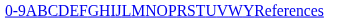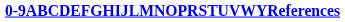 <table id="toc" class="toc" summary="Class">
 <tr>
 <th></th>
 </tr>
 <tr>
-<td style="text-align:center;"><a href='#'>0-9</a><a href='#'>A</a><a href='#'>B</a><a href='#'>C</a><a href='#'>D</a><a href='#'>E</a><a href='#'>F</a><a href='#'>G</a><a href='#'>H</a><a href='#'>I</a><a href='#'>J</a><a href='#'>L</a><a href='#'>M</a><a href='#'>N</a><a href='#'>O</a><a href='#'>P</a><a href='#'>R</a><a href='#'>S</a><a href='#'>T</a><a href='#'>U</a><a href='#'>V</a><a href='#'>W</a><a href='#'>Y</a><a href='#'>References</a></td>
+<td style="text-align:center;"><strong><a href='#'>0-9</a><a href='#'>A</a><a href='#'>B</a><a href='#'>C</a><a href='#'>D</a><a href='#'>E</a><a href='#'>F</a><a href='#'>G</a><a href='#'>H</a><a href='#'>I</a><a href='#'>J</a><a href='#'>L</a><a href='#'>M</a><a href='#'>N</a><a href='#'>O</a><a href='#'>P</a><a href='#'>R</a><a href='#'>S</a><a href='#'>T</a><a href='#'>U</a><a href='#'>V</a><a href='#'>W</a><a href='#'>Y</a><a href='#'>References</a></strong></td>
 </tr>
 </table>
